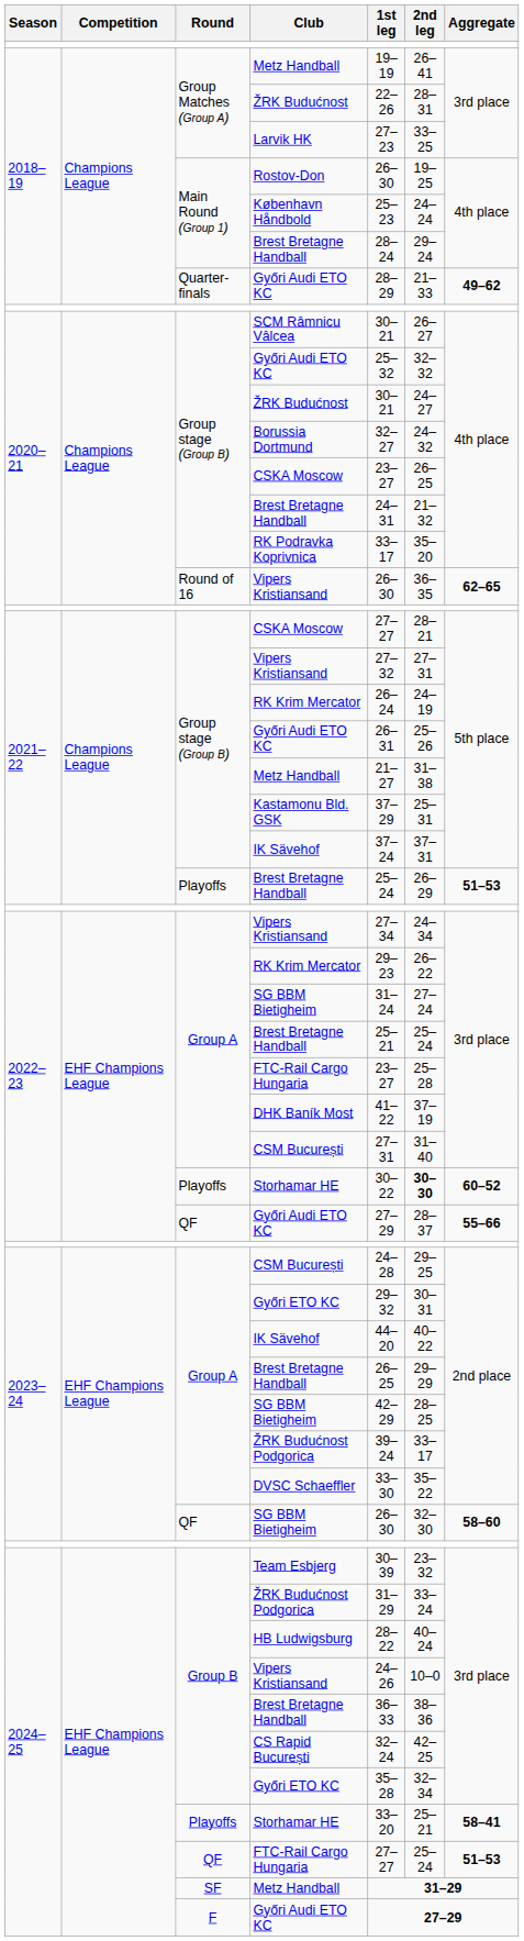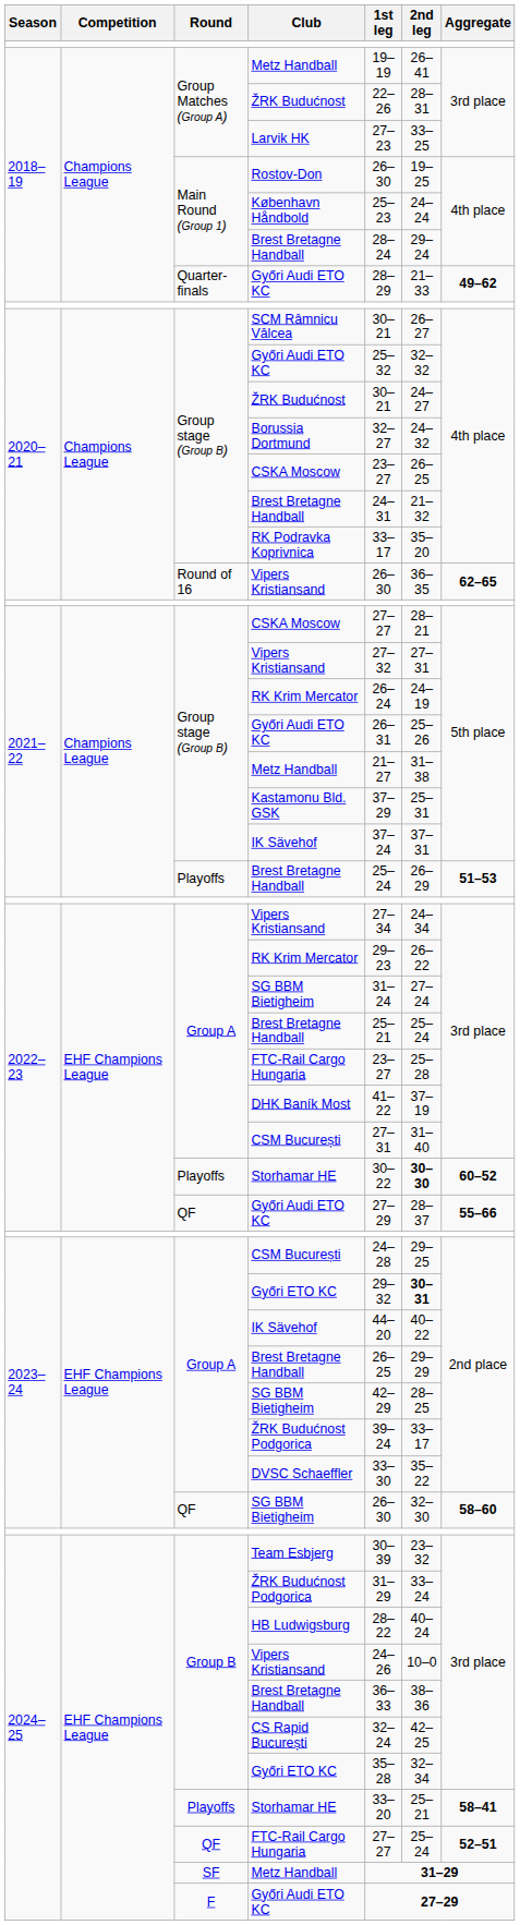 <table class="wikitable">
 <tr>
 <th>Season</th>
 <th>Competition</th>
 <th>Round</th>
 <th>Club</th>
 <th>1st leg</th>
 <th>2nd leg</th>
 <th>Aggregate</th>
 </tr>
 <tr>
 <td colspan="7" bgcolor=white></td>
 </tr>
 <tr>
 <td rowspan=7><a href='#'>2018–19</a></td>
 <td rowspan=7><a href='#'>Champions League</a></td>
 <td rowspan=3>Group Matches<br><em>(<small>Group A</small>)</em></td>
 <td> <a href='#'>Metz Handball</a></td>
 <td align=center>19–19</td>
 <td align=center>26–41</td>
 <td align=center rowspan=3>3rd place</td>
 </tr>
 <tr>
 <td> <a href='#'>ŽRK Budućnost</a></td>
 <td align=center>22–26</td>
 <td align=center>28–31</td>
 </tr>
 <tr>
 <td> <a href='#'>Larvik HK</a></td>
 <td align=center>27–23</td>
 <td align=center>33–25</td>
 </tr>
 <tr>
 <td rowspan=3>Main Round<br><em>(<small>Group 1</small>)</em></td>
 <td> <a href='#'>Rostov-Don</a></td>
 <td align=center>26–30</td>
 <td align=center>19–25</td>
 <td align=center rowspan=3>4th place</td>
 </tr>
 <tr>
 <td> <a href='#'>København Håndbold</a></td>
 <td align=center>25–23</td>
 <td align=center>24–24</td>
 </tr>
 <tr>
 <td> <a href='#'>Brest Bretagne Handball</a></td>
 <td align=center>28–24</td>
 <td align=center>29–24</td>
 </tr>
 <tr>
 <td>Quarter-finals</td>
 <td> <a href='#'>Győri Audi ETO KC</a></td>
 <td align=center>28–29</td>
 <td align=center>21–33</td>
 <td align=center><strong>49–62</strong></td>
 </tr>
 <tr>
 <td colspan=7 style="text-align: center;" bgcolor=white></td>
 </tr>
 <tr>
 <td rowspan=8><a href='#'>2020–21</a></td>
 <td rowspan=8><a href='#'>Champions League</a></td>
 <td rowspan=7>Group stage<br><em>(<small>Group B</small>)</em></td>
 <td> <a href='#'>SCM Râmnicu Vâlcea</a></td>
 <td style="text-align:center;">30–21</td>
 <td style="text-align:center;">26–27</td>
 <td align=center rowspan=7>4th place</td>
 </tr>
 <tr>
 <td> <a href='#'>Győri Audi ETO KC</a></td>
 <td style="text-align:center;">25–32</td>
 <td style="text-align:center;">32–32</td>
 </tr>
 <tr>
 <td> <a href='#'>ŽRK Budućnost</a></td>
 <td style="text-align:center;">30–21</td>
 <td style="text-align:center;">24–27</td>
 </tr>
 <tr>
 <td> <a href='#'>Borussia Dortmund</a></td>
 <td style="text-align:center;">32–27</td>
 <td style="text-align:center;">24–32</td>
 </tr>
 <tr>
 <td> <a href='#'>CSKA Moscow</a></td>
 <td style="text-align:center;">23–27</td>
 <td style="text-align:center;">26–25</td>
 </tr>
 <tr>
 <td> <a href='#'>Brest Bretagne Handball</a></td>
 <td style="text-align:center;">24–31</td>
 <td style="text-align:center;">21–32</td>
 </tr>
 <tr>
 <td> <a href='#'>RK Podravka Koprivnica</a></td>
 <td style="text-align:center;">33–17</td>
 <td style="text-align:center;">35–20</td>
 </tr>
 <tr>
 <td>Round of 16</td>
 <td> <a href='#'>Vipers Kristiansand</a></td>
 <td style="text-align:center;">26–30</td>
 <td style="text-align:center;">36–35</td>
 <td style="text-align:center;"><strong>62–65</strong></td>
 </tr>
 <tr>
 <td colspan=7 style="text-align: center;" bgcolor=white></td>
 </tr>
 <tr>
 <td rowspan=8><a href='#'>2021–22</a></td>
 <td rowspan=8><a href='#'>Champions League</a></td>
 <td rowspan=7>Group stage<br><em>(<small>Group B</small>)</em></td>
 <td> <a href='#'>CSKA Moscow</a></td>
 <td style="text-align:center;">27–27</td>
 <td style="text-align:center;">28–21</td>
 <td align=center rowspan=7>5th place</td>
 </tr>
 <tr>
 <td> <a href='#'>Vipers Kristiansand</a></td>
 <td style="text-align:center;">27–32</td>
 <td style="text-align:center;">27–31</td>
 </tr>
 <tr>
 <td> <a href='#'>RK Krim Mercator</a></td>
 <td style="text-align:center;">26–24</td>
 <td style="text-align:center;">24–19</td>
 </tr>
 <tr>
 <td> <a href='#'>Győri Audi ETO KC</a></td>
 <td style="text-align:center;">26–31</td>
 <td style="text-align:center;">25–26</td>
 </tr>
 <tr>
 <td> <a href='#'>Metz Handball</a></td>
 <td style="text-align:center;">21–27</td>
 <td style="text-align:center;">31–38</td>
 </tr>
 <tr>
 <td> <a href='#'>Kastamonu Bld. GSK</a></td>
 <td style="text-align:center;">37–29</td>
 <td style="text-align:center;">25–31</td>
 </tr>
 <tr>
 <td> <a href='#'>IK Sävehof</a></td>
 <td style="text-align:center;">37–24</td>
 <td style="text-align:center;">37–31</td>
 </tr>
 <tr>
 <td>Playoffs</td>
 <td> <a href='#'>Brest Bretagne Handball</a></td>
 <td style="text-align:center;">25–24</td>
 <td style="text-align:center;">26–29</td>
 <td style="text-align:center;"><strong>51–53</strong></td>
 </tr>
 <tr>
 <td colspan=7 style="text-align: center;" bgcolor=white></td>
 </tr>
 <tr>
 <td rowspan=9><a href='#'>2022–23</a></td>
 <td rowspan=9><a href='#'>EHF Champions League</a></td>
 <td rowspan=7 style="text-align:center;"><a href='#'>Group A</a></td>
 <td> <a href='#'>Vipers Kristiansand</a></td>
 <td style="text-align:center;">27–34</td>
 <td style="text-align:center;">24–34</td>
 <td align=center rowspan=7>3rd place</td>
 </tr>
 <tr>
 <td> <a href='#'>RK Krim Mercator</a></td>
 <td style="text-align:center;">29–23</td>
 <td style="text-align:center;">26–22</td>
 </tr>
 <tr>
 <td> <a href='#'>SG BBM Bietigheim</a></td>
 <td style="text-align:center;">31–24</td>
 <td style="text-align:center;">27–24</td>
 </tr>
 <tr>
 <td> <a href='#'>Brest Bretagne Handball</a></td>
 <td style="text-align:center;">25–21</td>
 <td style="text-align:center;">25–24</td>
 </tr>
 <tr>
 <td> <a href='#'>FTC-Rail Cargo Hungaria</a></td>
 <td style="text-align:center;">23–27</td>
 <td style="text-align:center;">25–28</td>
 </tr>
 <tr>
 <td> <a href='#'>DHK Baník Most</a></td>
 <td style="text-align:center;">41–22</td>
 <td style="text-align:center;">37–19</td>
 </tr>
 <tr>
 <td> <a href='#'>CSM București</a></td>
 <td style="text-align:center;">27–31</td>
 <td style="text-align:center;">31–40</td>
 </tr>
 <tr>
 <td>Playoffs</td>
 <td> <a href='#'>Storhamar HE</a></td>
 <td style="text-align:center;">30–22</td>
 <td style="text-align:center;"><strong>30–30</strong></td>
 <td style="text-align:center;"><strong>60–52</strong></td>
 </tr>
 <tr>
 <td Quarter-finals>QF</td>
 <td> <a href='#'>Győri Audi ETO KC</a></td>
 <td style="text-align:center;">27–29</td>
 <td style="text-align:center;">28–37</td>
 <td style="text-align:center;"><strong>55–66</strong></td>
 </tr>
 <tr>
 <td colspan=7 style="text-align: center;" bgcolor=white></td>
 </tr>
 <tr>
 <td rowspan=8><a href='#'>2023–24</a></td>
 <td rowspan=8><a href='#'>EHF Champions League</a></td>
 <td rowspan=7 style="text-align:center;"><a href='#'>Group A</a></td>
 <td> <a href='#'>CSM București</a></td>
 <td style="text-align:center;">24–28</td>
 <td style="text-align:center;">29–25</td>
 <td align=center rowspan=7>2nd place</td>
 </tr>
 <tr>
 <td> <a href='#'>Győri ETO KC</a></td>
 <td style="text-align:center;">29–32</td>
-<td style="text-align:center;">30–31</td>
+<td style="text-align:center;"><strong>30–31</strong></td>
 </tr>
 <tr>
 <td> <a href='#'>IK Sävehof</a></td>
 <td style="text-align:center;">44–20</td>
 <td style="text-align:center;">40–22</td>
 </tr>
 <tr>
 <td> <a href='#'>Brest Bretagne Handball</a></td>
 <td style="text-align:center;">26–25</td>
 <td style="text-align:center;">29–29</td>
 </tr>
 <tr>
 <td> <a href='#'>SG BBM Bietigheim</a></td>
 <td style="text-align:center;">42–29</td>
 <td style="text-align:center;">28–25</td>
 </tr>
 <tr>
 <td> <a href='#'>ŽRK Budućnost Podgorica</a></td>
 <td style="text-align:center;">39–24</td>
 <td style="text-align:center;">33–17</td>
 </tr>
 <tr>
 <td> <a href='#'>DVSC Schaeffler</a></td>
 <td style="text-align:center;">33–30</td>
 <td style="text-align:center;">35–22</td>
 </tr>
 <tr>
 <td>QF</td>
 <td> <a href='#'>SG BBM Bietigheim</a></td>
 <td style="text-align:center;">26–30</td>
 <td style="text-align:center;">32–30</td>
 <td style="text-align:center;"><strong>58–60</strong></td>
 </tr>
 <tr>
 <td colspan=7 style="text-align: center;" bgcolor=white></td>
 </tr>
 <tr>
 <td rowspan=11><a href='#'>2024–25</a></td>
 <td rowspan=11><a href='#'>EHF Champions League</a></td>
 <td rowspan=7 style="text-align:center;"><a href='#'>Group B</a></td>
 <td> <a href='#'>Team Esbjerg</a></td>
 <td style="text-align:center;">30–39</td>
 <td style="text-align:center;">23–32</td>
 <td align=center rowspan=7>3rd place</td>
 </tr>
 <tr>
 <td> <a href='#'>ŽRK Budućnost Podgorica</a></td>
 <td style="text-align:center;">31–29</td>
 <td style="text-align:center;">33–24</td>
 </tr>
 <tr>
 <td> <a href='#'>HB Ludwigsburg</a></td>
 <td style="text-align:center;">28–22</td>
 <td style="text-align:center;">40–24</td>
 </tr>
 <tr>
 <td> <a href='#'>Vipers Kristiansand</a></td>
 <td style="text-align:center;">24–26</td>
 <td style="text-align:center;">10–0</td>
 </tr>
 <tr>
 <td> <a href='#'>Brest Bretagne Handball</a></td>
 <td style="text-align:center;">36–33</td>
 <td style="text-align:center;">38–36</td>
 </tr>
 <tr>
 <td> <a href='#'>CS Rapid București</a></td>
 <td style="text-align:center;">32–24</td>
 <td style="text-align:center;">42–25</td>
 </tr>
 <tr>
 <td> <a href='#'>Győri ETO KC</a></td>
 <td style="text-align:center;">35–28</td>
 <td style="text-align:center;">32–34</td>
 </tr>
 <tr>
 <td style="text-align:center;"><a href='#'>Playoffs</a></td>
 <td> <a href='#'>Storhamar HE</a></td>
 <td style="text-align:center;">33–20</td>
 <td style="text-align:center;">25–21</td>
 <td style="text-align:center;"><strong>58–41</strong></td>
 </tr>
 <tr>
 <td style="text-align:center;"><a href='#'>QF</a></td>
 <td> <a href='#'>FTC-Rail Cargo Hungaria</a></td>
 <td style="text-align:center;">27–27</td>
 <td style="text-align:center;">25–24</td>
-<td style="text-align:center;"><strong>51–53</strong></td>
+<td style="text-align:center;"><strong>52–51</strong></td>
 </tr>
 <tr>
 <td style="text-align:center;"><a href='#'>SF</a></td>
 <td> <a href='#'>Metz Handball</a></td>
 <td colspan=3 style="text-align:center;"><strong>31–29</strong></td>
 </tr>
 <tr>
 <td style="text-align:center;"><a href='#'>F</a></td>
 <td> <a href='#'>Győri Audi ETO KC</a></td>
 <td colspan=3 style="text-align:center;"><strong>27–29</strong></td>
 </tr>
 </table>
